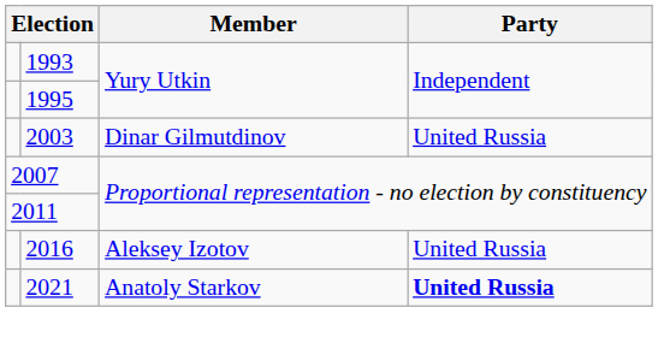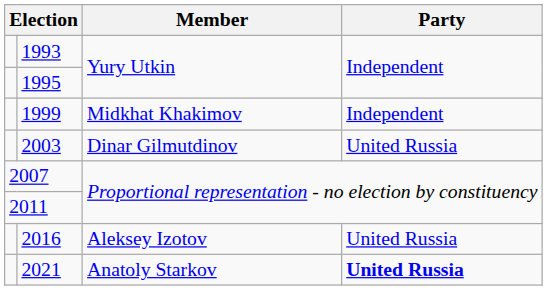 <table class="wikitable">
 <tr>
 <th colspan="2">Election</th>
 <th>Member</th>
 <th>Party</th>
 </tr>
 <tr>
 <td style="background-color:"></td>
 <td><a href='#'>1993</a></td>
 <td rowspan=2><a href='#'>Yury Utkin</a></td>
 <td rowspan=2><a href='#'>Independent</a></td>
 </tr>
 <tr>
 <td style="background-color:"></td>
 <td><a href='#'>1995</a></td>
+</tr>
+<tr>
+<td style="background-color:"></td>
+<td><a href='#'>1999</a></td>
+<td><a href='#'>Midkhat Khakimov</a></td>
+<td><a href='#'>Independent</a></td>
 </tr>
 <tr>
 <td style="background-color:"></td>
 <td><a href='#'>2003</a></td>
 <td><a href='#'>Dinar Gilmutdinov</a></td>
 <td><a href='#'>United Russia</a></td>
 </tr>
 <tr>
 <td colspan=2><a href='#'>2007</a></td>
 <td colspan=2 rowspan=2><em><a href='#'>Proportional representation</a> - no election by constituency</em></td>
 </tr>
 <tr>
 <td colspan=2><a href='#'>2011</a></td>
 </tr>
 <tr>
 <td style="background-color: "></td>
 <td><a href='#'>2016</a></td>
 <td><a href='#'>Aleksey Izotov</a></td>
 <td><a href='#'>United Russia</a></td>
 </tr>
 <tr>
 <td style="background-color: "></td>
 <td><a href='#'>2021</a></td>
 <td><a href='#'>Anatoly Starkov</a></td>
 <td><strong><a href='#'>United Russia</a></strong></td>
 </tr>
 </table>
